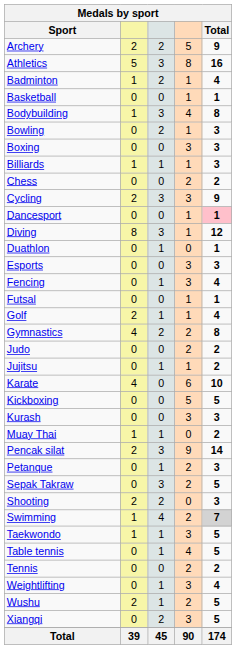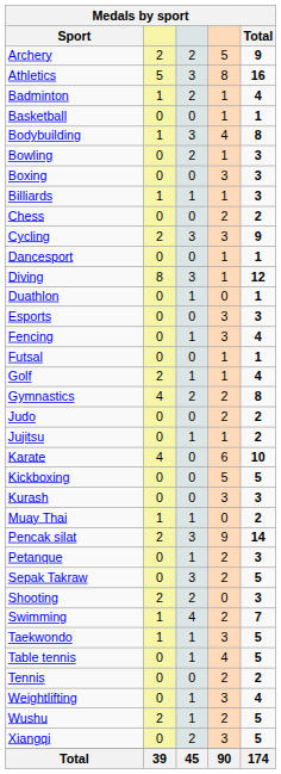 <table class="wikitable sortable" style="font-size:90%; text-align:center">
 <tr>
 <th colspan=5>Medals by sport</th>
 </tr>
 <tr>
 <th width=150>Sport</th>
 <th scope="col" width=30 style="background:#F7F6A8;"></th>
 <th scope="col" width=30 style="background:#DCE5E5;"></th>
 <th scope="col" width=30 style="background:#FFDAB9;"></th>
 <th width=30>Total</th>
 </tr>
 <tr>
 <td align=left><a href='#'>Archery</a></td>
 <td style="background:#F7F6A8;">2</td>
 <td style="background:#DCE5E5;">2</td>
 <td style="background:#FFDAB9;">5</td>
 <td><strong>9</strong></td>
 </tr>
 <tr>
 <td align=left><a href='#'>Athletics</a></td>
 <td style="background:#F7F6A8;">5</td>
 <td style="background:#DCE5E5;">3</td>
 <td style="background:#FFDAB9;">8</td>
 <td><strong>16</strong></td>
 </tr>
 <tr>
 <td align=left><a href='#'>Badminton</a></td>
 <td style="background:#F7F6A8;">1</td>
 <td style="background:#DCE5E5;">2</td>
 <td style="background:#FFDAB9;">1</td>
 <td><strong>4</strong></td>
 </tr>
 <tr>
 <td align=left><a href='#'>Basketball</a></td>
 <td style="background:#F7F6A8;">0</td>
 <td style="background:#DCE5E5;">0</td>
 <td style="background:#FFDAB9;">1</td>
 <td><strong>1</strong></td>
 </tr>
 <tr>
 <td align=left><a href='#'>Bodybuilding</a></td>
 <td style="background:#F7F6A8;">1</td>
 <td style="background:#DCE5E5;">3</td>
 <td style="background:#FFDAB9;">4</td>
 <td><strong>8</strong></td>
 </tr>
 <tr>
 <td align=left><a href='#'>Bowling</a></td>
 <td style="background:#F7F6A8;">0</td>
 <td style="background:#DCE5E5;">2</td>
 <td style="background:#FFDAB9;">1</td>
 <td><strong>3</strong></td>
 </tr>
 <tr>
 <td align=left><a href='#'>Boxing</a></td>
 <td style="background:#F7F6A8;">0</td>
 <td style="background:#DCE5E5;">0</td>
 <td style="background:#FFDAB9;">3</td>
 <td><strong>3</strong></td>
 </tr>
 <tr>
 <td align=left><a href='#'>Billiards</a></td>
 <td style="background:#F7F6A8;">1</td>
 <td style="background:#DCE5E5;">1</td>
 <td style="background:#FFDAB9;">1</td>
 <td><strong>3</strong></td>
 </tr>
 <tr>
 <td align=left><a href='#'>Chess</a></td>
 <td style="background:#F7F6A8;">0</td>
 <td style="background:#DCE5E5;">0</td>
 <td style="background:#FFDAB9;">2</td>
 <td><strong>2</strong></td>
 </tr>
 <tr>
 <td align=left><a href='#'>Cycling</a></td>
 <td style="background:#F7F6A8;">2</td>
 <td style="background:#DCE5E5;">3</td>
 <td style="background:#FFDAB9;">3</td>
 <td><strong>9</strong></td>
 </tr>
 <tr>
 <td align=left><a href='#'>Dancesport</a></td>
 <td style="background:#F7F6A8;">0</td>
 <td style="background:#DCE5E5;">0</td>
 <td style="background:#FFDAB9;">1</td>
-<td style="background: pink;"><strong>1</strong></td>
+<td><strong>1</strong></td>
 </tr>
 <tr>
 <td align=left><a href='#'>Diving</a></td>
 <td style="background:#F7F6A8;">8</td>
 <td style="background:#DCE5E5;">3</td>
 <td style="background:#FFDAB9;">1</td>
 <td><strong>12</strong></td>
 </tr>
 <tr>
 <td align=left><a href='#'>Duathlon</a></td>
 <td style="background:#F7F6A8;">0</td>
 <td style="background:#DCE5E5;">1</td>
 <td style="background:#FFDAB9;">0</td>
 <td><strong>1</strong></td>
 </tr>
 <tr>
 <td align=left><a href='#'>Esports</a></td>
 <td style="background:#F7F6A8;">0</td>
 <td style="background:#DCE5E5;">0</td>
 <td style="background:#FFDAB9;">3</td>
 <td><strong>3</strong></td>
 </tr>
 <tr>
 <td align=left><a href='#'>Fencing</a></td>
 <td style="background:#F7F6A8;">0</td>
 <td style="background:#DCE5E5;">1</td>
 <td style="background:#FFDAB9;">3</td>
 <td><strong>4</strong></td>
 </tr>
 <tr>
 <td align=left><a href='#'>Futsal</a></td>
 <td style="background:#F7F6A8;">0</td>
 <td style="background:#DCE5E5;">0</td>
 <td style="background:#FFDAB9;">1</td>
 <td><strong>1</strong></td>
 </tr>
 <tr>
 <td align=left><a href='#'>Golf</a></td>
 <td style="background:#F7F6A8;">2</td>
 <td style="background:#DCE5E5;">1</td>
 <td style="background:#FFDAB9;">1</td>
 <td><strong>4</strong></td>
 </tr>
 <tr>
 <td align=left><a href='#'>Gymnastics</a></td>
 <td style="background:#F7F6A8;">4</td>
 <td style="background:#DCE5E5;">2</td>
 <td style="background:#FFDAB9;">2</td>
 <td><strong>8</strong></td>
 </tr>
 <tr>
 <td align=left><a href='#'>Judo</a></td>
 <td style="background:#F7F6A8;">0</td>
 <td style="background:#DCE5E5;">0</td>
 <td style="background:#FFDAB9;">2</td>
 <td><strong>2</strong></td>
 </tr>
 <tr>
 <td align=left><a href='#'>Jujitsu</a></td>
 <td style="background:#F7F6A8;">0</td>
 <td style="background:#DCE5E5;">1</td>
 <td style="background:#FFDAB9;">1</td>
 <td><strong>2</strong></td>
 </tr>
 <tr>
 <td align=left><a href='#'>Karate</a></td>
 <td style="background:#F7F6A8;">4</td>
 <td style="background:#DCE5E5;">0</td>
 <td style="background:#FFDAB9;">6</td>
 <td><strong>10</strong></td>
 </tr>
 <tr>
 <td align=left><a href='#'>Kickboxing</a></td>
 <td style="background:#F7F6A8;">0</td>
 <td style="background:#DCE5E5;">0</td>
 <td style="background:#FFDAB9;">5</td>
 <td><strong>5</strong></td>
 </tr>
 <tr>
 <td align=left><a href='#'>Kurash</a></td>
 <td style="background:#F7F6A8;">0</td>
 <td style="background:#DCE5E5;">0</td>
 <td style="background:#FFDAB9;">3</td>
 <td><strong>3</strong></td>
 </tr>
 <tr>
 <td align=left><a href='#'>Muay Thai</a></td>
 <td style="background:#F7F6A8;">1</td>
 <td style="background:#DCE5E5;">1</td>
 <td style="background:#FFDAB9;">0</td>
 <td><strong>2</strong></td>
 </tr>
 <tr>
 <td align=left><a href='#'>Pencak silat</a></td>
 <td style="background:#F7F6A8;">2</td>
 <td style="background:#DCE5E5;">3</td>
 <td style="background:#FFDAB9;">9</td>
 <td><strong>14</strong></td>
 </tr>
 <tr>
 <td align=left><a href='#'>Petanque</a></td>
 <td style="background:#F7F6A8;">0</td>
 <td style="background:#DCE5E5;">1</td>
 <td style="background:#FFDAB9;">2</td>
 <td><strong>3</strong></td>
 </tr>
 <tr>
 <td align=left><a href='#'>Sepak Takraw</a></td>
 <td style="background:#F7F6A8;">0</td>
 <td style="background:#DCE5E5;">3</td>
 <td style="background:#FFDAB9;">2</td>
 <td><strong>5</strong></td>
 </tr>
 <tr>
 <td align=left><a href='#'>Shooting</a></td>
 <td style="background:#F7F6A8;">2</td>
 <td style="background:#DCE5E5;">2</td>
 <td style="background:#FFDAB9;">0</td>
 <td><strong>3</strong></td>
 </tr>
 <tr>
 <td align=left><a href='#'>Swimming</a></td>
 <td style="background:#F7F6A8;">1</td>
 <td style="background:#DCE5E5;">4</td>
 <td style="background:#FFDAB9;">2</td>
-<td style="background: lightgrey;"><strong>7</strong></td>
+<td><strong>7</strong></td>
 </tr>
 <tr>
 <td align=left><a href='#'>Taekwondo</a></td>
 <td style="background:#F7F6A8;">1</td>
 <td style="background:#DCE5E5;">1</td>
 <td style="background:#FFDAB9;">3</td>
 <td><strong>5</strong></td>
 </tr>
 <tr>
 <td align=left><a href='#'>Table tennis</a></td>
 <td style="background:#F7F6A8;">0</td>
 <td style="background:#DCE5E5;">1</td>
 <td style="background:#FFDAB9;">4</td>
 <td><strong>5</strong></td>
 </tr>
 <tr>
 <td align=left><a href='#'>Tennis</a></td>
 <td style="background:#F7F6A8;">0</td>
 <td style="background:#DCE5E5;">0</td>
 <td style="background:#FFDAB9;">2</td>
 <td><strong>2</strong></td>
 </tr>
 <tr>
 <td align=left><a href='#'>Weightlifting</a></td>
 <td style="background:#F7F6A8;">0</td>
 <td style="background:#DCE5E5;">1</td>
 <td style="background:#FFDAB9;">3</td>
 <td><strong>4</strong></td>
 </tr>
 <tr>
 <td align=left><a href='#'>Wushu</a></td>
 <td style="background:#F7F6A8;">2</td>
 <td style="background:#DCE5E5;">1</td>
 <td style="background:#FFDAB9;">2</td>
 <td><strong>5</strong></td>
 </tr>
 <tr>
 <td align=left><a href='#'>Xiangqi</a></td>
 <td style="background:#F7F6A8;">0</td>
 <td style="background:#DCE5E5;">2</td>
 <td style="background:#FFDAB9;">3</td>
 <td><strong>5</strong></td>
 </tr>
 <tr>
 </tr>
 <tr class="sortbottom">
 <th>Total</th>
 <th>39</th>
 <th>45</th>
 <th>90</th>
 <th>174</th>
 </tr>
 </table>
